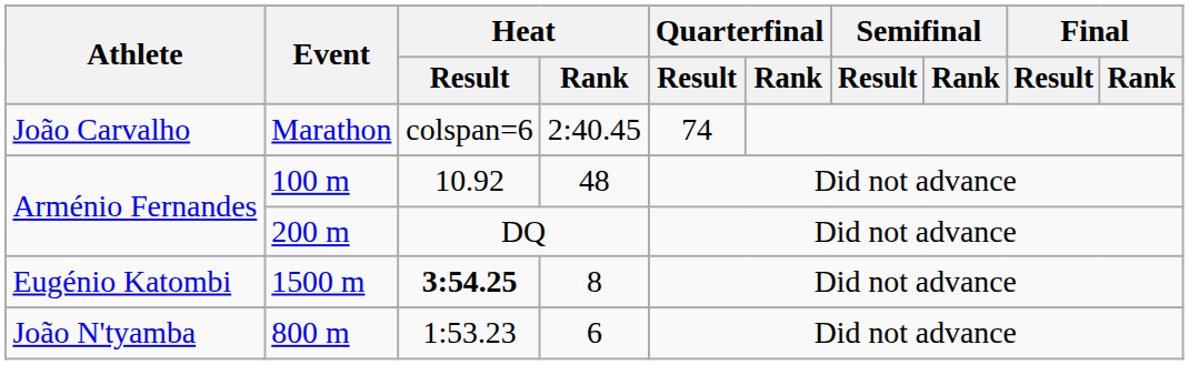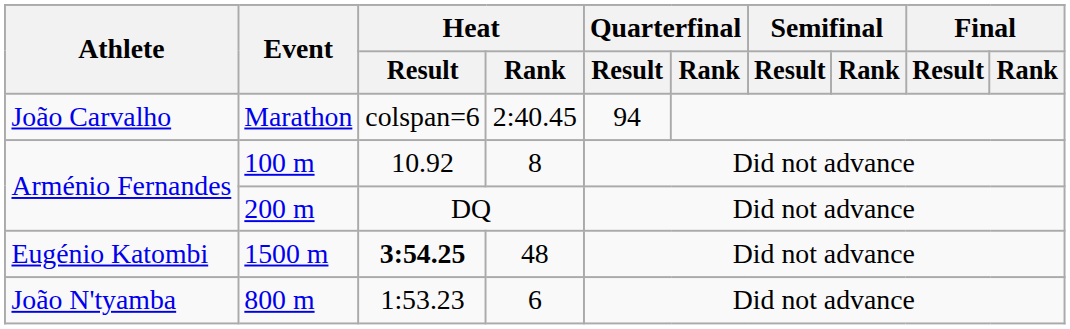 <table class="wikitable" style="font-size:90%">
 <tr>
 <th rowspan="2">Athlete</th>
 <th rowspan="2">Event</th>
 <th colspan="2">Heat</th>
 <th colspan="2">Quarterfinal</th>
 <th colspan="2">Semifinal</th>
 <th colspan="2">Final</th>
 </tr>
 <tr style="font-size:95%">
 <th>Result</th>
 <th>Rank</th>
 <th>Result</th>
 <th>Rank</th>
 <th>Result</th>
 <th>Rank</th>
 <th>Result</th>
 <th>Rank</th>
 </tr>
 <tr align=center>
 <td align=left><a href='#'>João Carvalho</a></td>
 <td align=left><a href='#'>Marathon</a></td>
 <td>colspan=6</td>
 <td>2:40.45</td>
-<td>74</td>
+<td>94</td>
 </tr>
 <tr align=center>
 <td align=left rowspan=2><a href='#'>Arménio Fernandes</a></td>
 <td align=left><a href='#'>100 m</a></td>
 <td>10.92</td>
-<td>48</td>
+<td>8</td>
 <td colspan=6>Did not advance</td>
 </tr>
 <tr align=center>
 <td align=left><a href='#'>200 m</a></td>
 <td colspan=2>DQ</td>
 <td colspan=6>Did not advance</td>
 </tr>
 <tr align=center>
 <td align=left><a href='#'>Eugénio Katombi</a></td>
 <td align=left><a href='#'>1500 m</a></td>
 <td><strong>3:54.25</strong></td>
-<td>8</td>
+<td>48</td>
 <td colspan=6>Did not advance</td>
 </tr>
 <tr align=center>
 <td align=left><a href='#'>João N'tyamba</a></td>
 <td align=left><a href='#'>800 m</a></td>
 <td>1:53.23</td>
 <td>6</td>
 <td colspan=6>Did not advance</td>
 </tr>
 </table>
